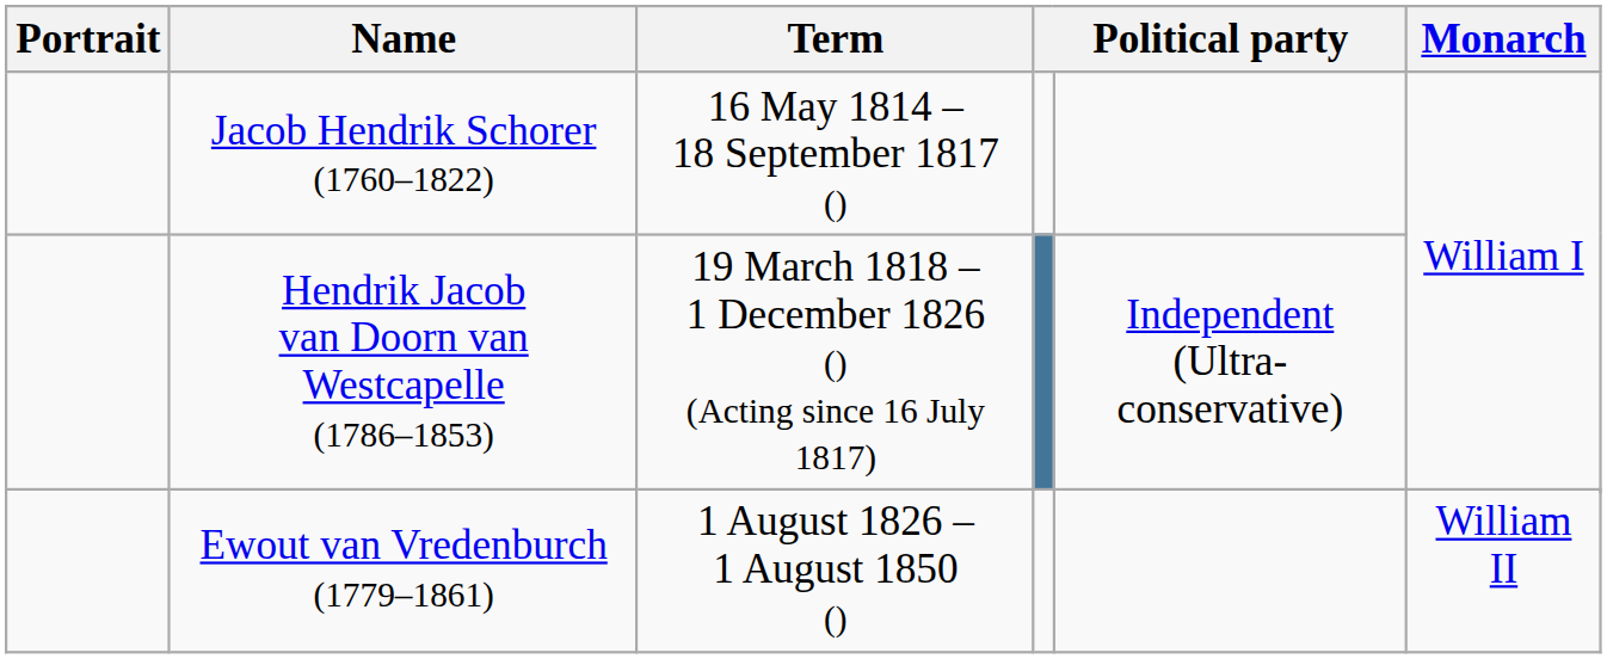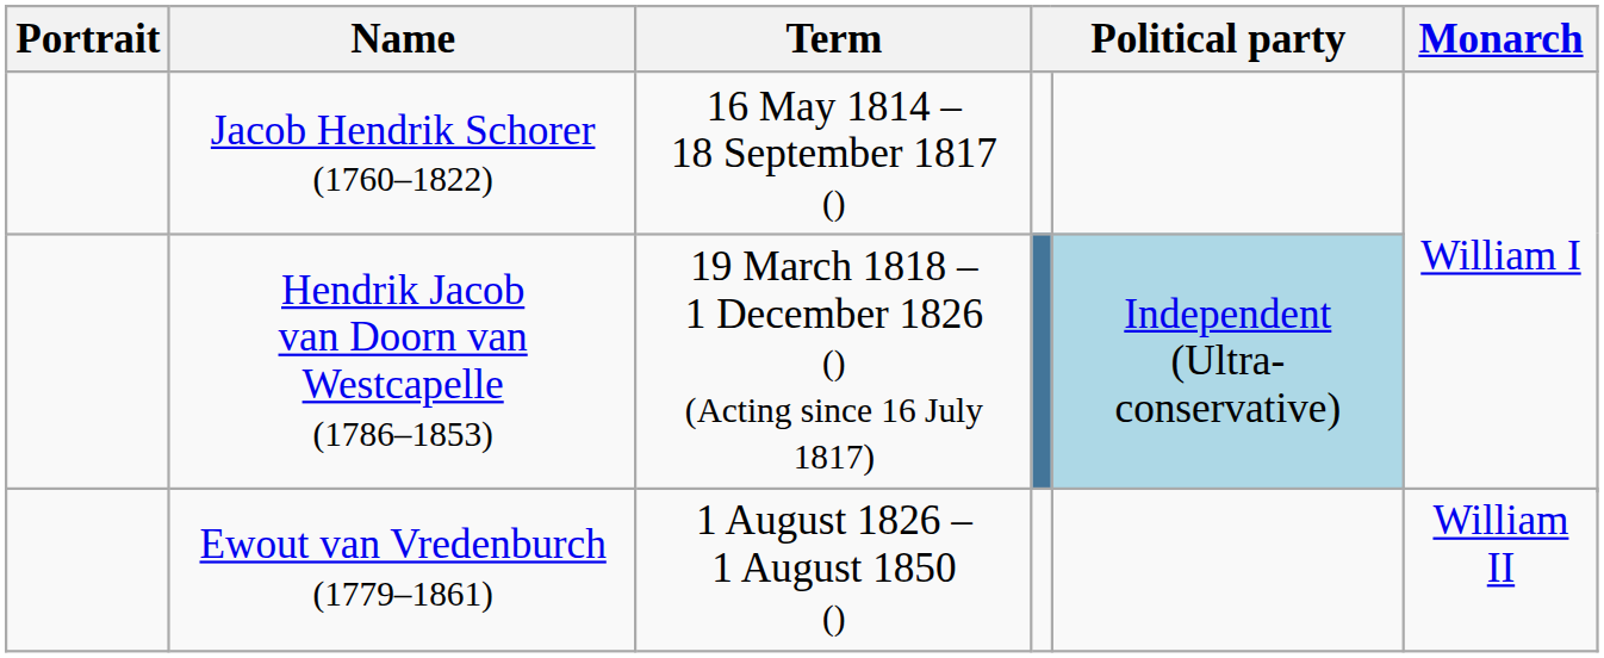 <table class="wikitable" style="text-align: center;">
 <tr>
 <th>Portrait</th>
 <th>Name<br></th>
 <th>Term</th>
 <th colspan=2>Political party</th>
 <th><a href='#'>Monarch</a></th>
 </tr>
 <tr>
 <td></td>
 <td><a href='#'>Jacob Hendrik Schorer</a> <br> <small>(1760–1822)</small></td>
 <td>16 May 1814 – <br> 18 September 1817<br> <small>()</small></td>
 <td style="background:"></td>
 <td></td>
 <td rowspan=3><a href='#'>William I</a><br><br></td>
 </tr>
 <tr>
 <td></td>
 <td><a href='#'>Hendrik Jacob<br>van Doorn van Westcapelle</a> <br> <small>(1786–1853)</small></td>
 <td>19 March 1818 – <br> 1 December 1826<br> <small>() <br>(Acting since 16 July 1817)</small></td>
 <td style="background:#437599"></td>
-<td><a href='#'>Independent</a><br>(Ultra-conservative)</td>
+<td style="background: lightblue;"><a href='#'>Independent</a><br>(Ultra-conservative)</td>
 </tr>
 <tr>
 <td rowspan=2></td>
 <td rowspan=2><a href='#'>Ewout van Vredenburch</a> <br> <small>(1779–1861)</small></td>
 <td rowspan=2>1 August 1826 – <br> 1 August 1850<br> <small>()</small></td>
 <td rowspan=2 style="background:"></td>
 <td rowspan=2></td>
 </tr>
 <tr>
 <td><a href='#'>William II</a><br><br></td>
 </tr>
 </table>
